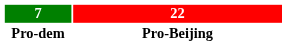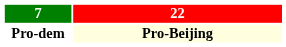 <table style="width:50%; text-align:center;">
 <tr style="color:white;">
 <td style="background:green; width:24.14%;"><strong>7</strong></td>
 <td style="background:red; width:75.86%;"><strong>22</strong></td>
 </tr>
 <tr>
 <td><span><strong>Pro-dem</strong></span></td>
-<td><span><strong>Pro-Beijing</strong></span></td>
+<td style="background: lightyellow;"><span><strong>Pro-Beijing</strong></span></td>
 </tr>
 </table>
